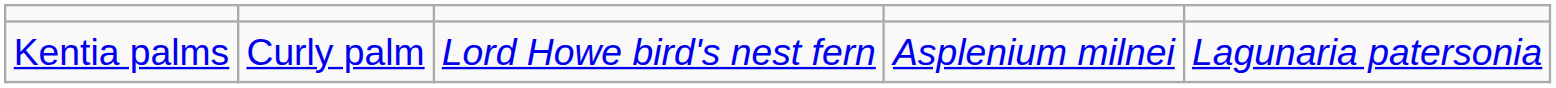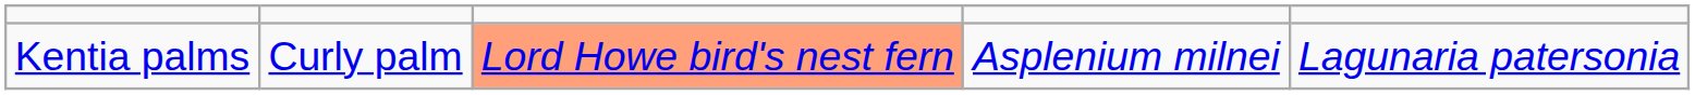 <table class="wikitable">
 <tr>
 <td></td>
 <td></td>
 <td></td>
 <td></td>
 <td></td>
 </tr>
 <tr>
 <td><a href='#'>Kentia palms</a></td>
 <td><a href='#'>Curly palm</a></td>
-<td><em><a href='#'>Lord Howe bird's nest fern</a></em></td>
+<td style="background: lightsalmon;"><em><a href='#'>Lord Howe bird's nest fern</a></em></td>
 <td><em><a href='#'>Asplenium milnei</a></em></td>
 <td><em><a href='#'>Lagunaria patersonia</a></em></td>
 </tr>
 </table>
